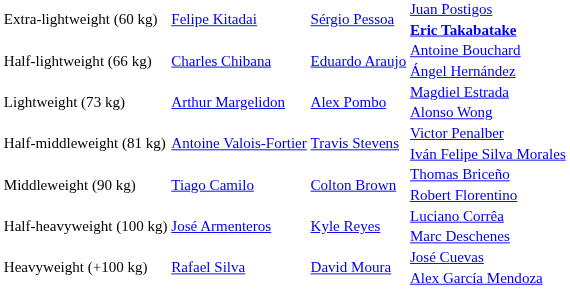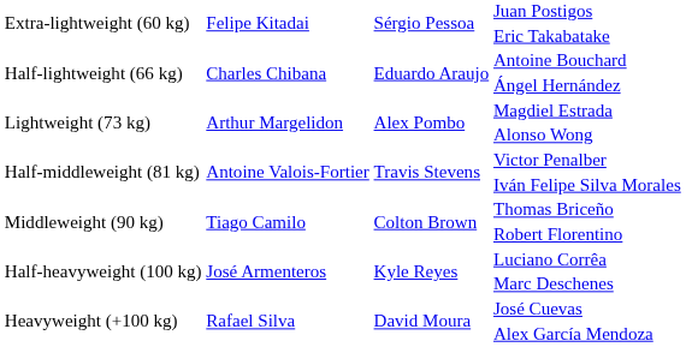 <table>
 <tr>
 <td rowspan=2>Extra-lightweight (60 kg)</td>
 <td rowspan=2><a href='#'>Felipe Kitadai</a><br> </td>
 <td rowspan=2><a href='#'>Sérgio Pessoa</a><br> </td>
 <td><a href='#'>Juan Postigos</a><br> </td>
 </tr>
 <tr>
-<td><strong><a href='#'>Eric Takabatake</a><br> </strong></td>
+<td><a href='#'>Eric Takabatake</a><br> </td>
 </tr>
 <tr>
 <td rowspan=2>Half-lightweight (66 kg)</td>
 <td rowspan=2><a href='#'>Charles Chibana</a><br> </td>
 <td rowspan=2><a href='#'>Eduardo Araujo</a><br> </td>
 <td><a href='#'>Antoine Bouchard</a><br> </td>
 </tr>
 <tr>
 <td><a href='#'>Ángel Hernández</a> <br> </td>
 </tr>
 <tr>
 <td rowspan=2>Lightweight (73 kg)</td>
 <td rowspan=2><a href='#'>Arthur Margelidon</a> <br> </td>
 <td rowspan=2><a href='#'>Alex Pombo</a> <br> </td>
 <td><a href='#'>Magdiel Estrada</a> <br> </td>
 </tr>
 <tr>
 <td><a href='#'>Alonso Wong</a> <br> </td>
 </tr>
 <tr>
 <td rowspan=2>Half-middleweight (81 kg)</td>
 <td rowspan=2><a href='#'>Antoine Valois-Fortier</a> <br> </td>
 <td rowspan=2><a href='#'>Travis Stevens</a> <br> </td>
 <td><a href='#'>Victor Penalber</a><br> </td>
 </tr>
 <tr>
 <td><a href='#'>Iván Felipe Silva Morales</a> <br> </td>
 </tr>
 <tr>
 <td rowspan=2>Middleweight (90 kg)</td>
 <td rowspan=2><a href='#'>Tiago Camilo</a><br></td>
 <td rowspan=2><a href='#'>Colton Brown</a><br></td>
 <td><a href='#'>Thomas Briceño</a><br> </td>
 </tr>
 <tr>
 <td><a href='#'>Robert Florentino</a> <br> </td>
 </tr>
 <tr>
 <td rowspan=2>Half-heavyweight (100 kg)</td>
 <td rowspan=2><a href='#'>José Armenteros</a><br></td>
 <td rowspan=2><a href='#'>Kyle Reyes</a> <br> </td>
 <td><a href='#'>Luciano Corrêa</a><br></td>
 </tr>
 <tr>
 <td><a href='#'>Marc Deschenes</a><br></td>
 </tr>
 <tr>
 <td rowspan=2>Heavyweight (+100 kg)</td>
 <td rowspan=2><a href='#'>Rafael Silva</a><br></td>
 <td rowspan=2><a href='#'>David Moura</a><br></td>
 <td><a href='#'>José Cuevas</a> <br> </td>
 </tr>
 <tr>
 <td><a href='#'>Alex García Mendoza</a><br> </td>
 </tr>
 </table>
